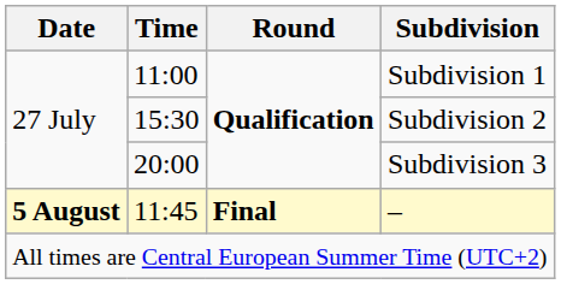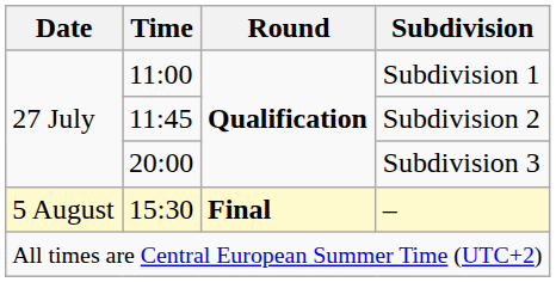 <table class="wikitable">
 <tr>
 <th>Date</th>
 <th>Time</th>
 <th>Round</th>
 <th>Subdivision</th>
 </tr>
 <tr>
 <td rowspan=3>27 July</td>
 <td>11:00</td>
 <td rowspan=3><strong>Qualification</strong></td>
 <td>Subdivision 1</td>
 </tr>
 <tr>
-<td>15:30</td>
+<td>11:45</td>
 <td>Subdivision 2</td>
 </tr>
 <tr>
 <td>20:00</td>
 <td>Subdivision 3</td>
 </tr>
 <tr style=background:lemonchiffon>
-<td><strong>5 August</strong></td>
-<td>11:45</td>
+<td>5 August</td>
+<td>15:30</td>
 <td><strong>Final</strong></td>
 <td>–</td>
 </tr>
 <tr>
 <td colspan=4 align=center><small>All times are <a href='#'>Central European Summer Time</a> (<a href='#'>UTC+2</a>)</small></td>
 </tr>
 </table>
